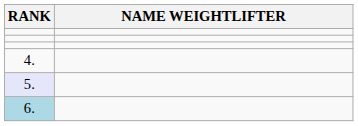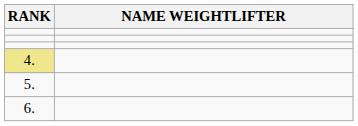 <table class="wikitable" style="font-size:95%;">
 <tr>
 <th>RANK</th>
 <th align="left" style="width: 20em">NAME WEIGHTLIFTER</th>
 </tr>
 <tr>
 <td align="center"></td>
 <td></td>
 </tr>
 <tr>
 <td align="center"></td>
 <td></td>
 </tr>
 <tr>
 <td align="center"></td>
 <td></td>
 </tr>
 <tr>
-<td align="center">4.</td>
+<td align="center" style="background: khaki;">4.</td>
 <td></td>
 </tr>
 <tr>
-<td align="center" style="background: lavender;">5.</td>
+<td align="center">5.</td>
 <td></td>
 </tr>
 <tr>
-<td align="center" style="background: lightblue;">6.</td>
+<td align="center">6.</td>
 <td></td>
 </tr>
 </table>
